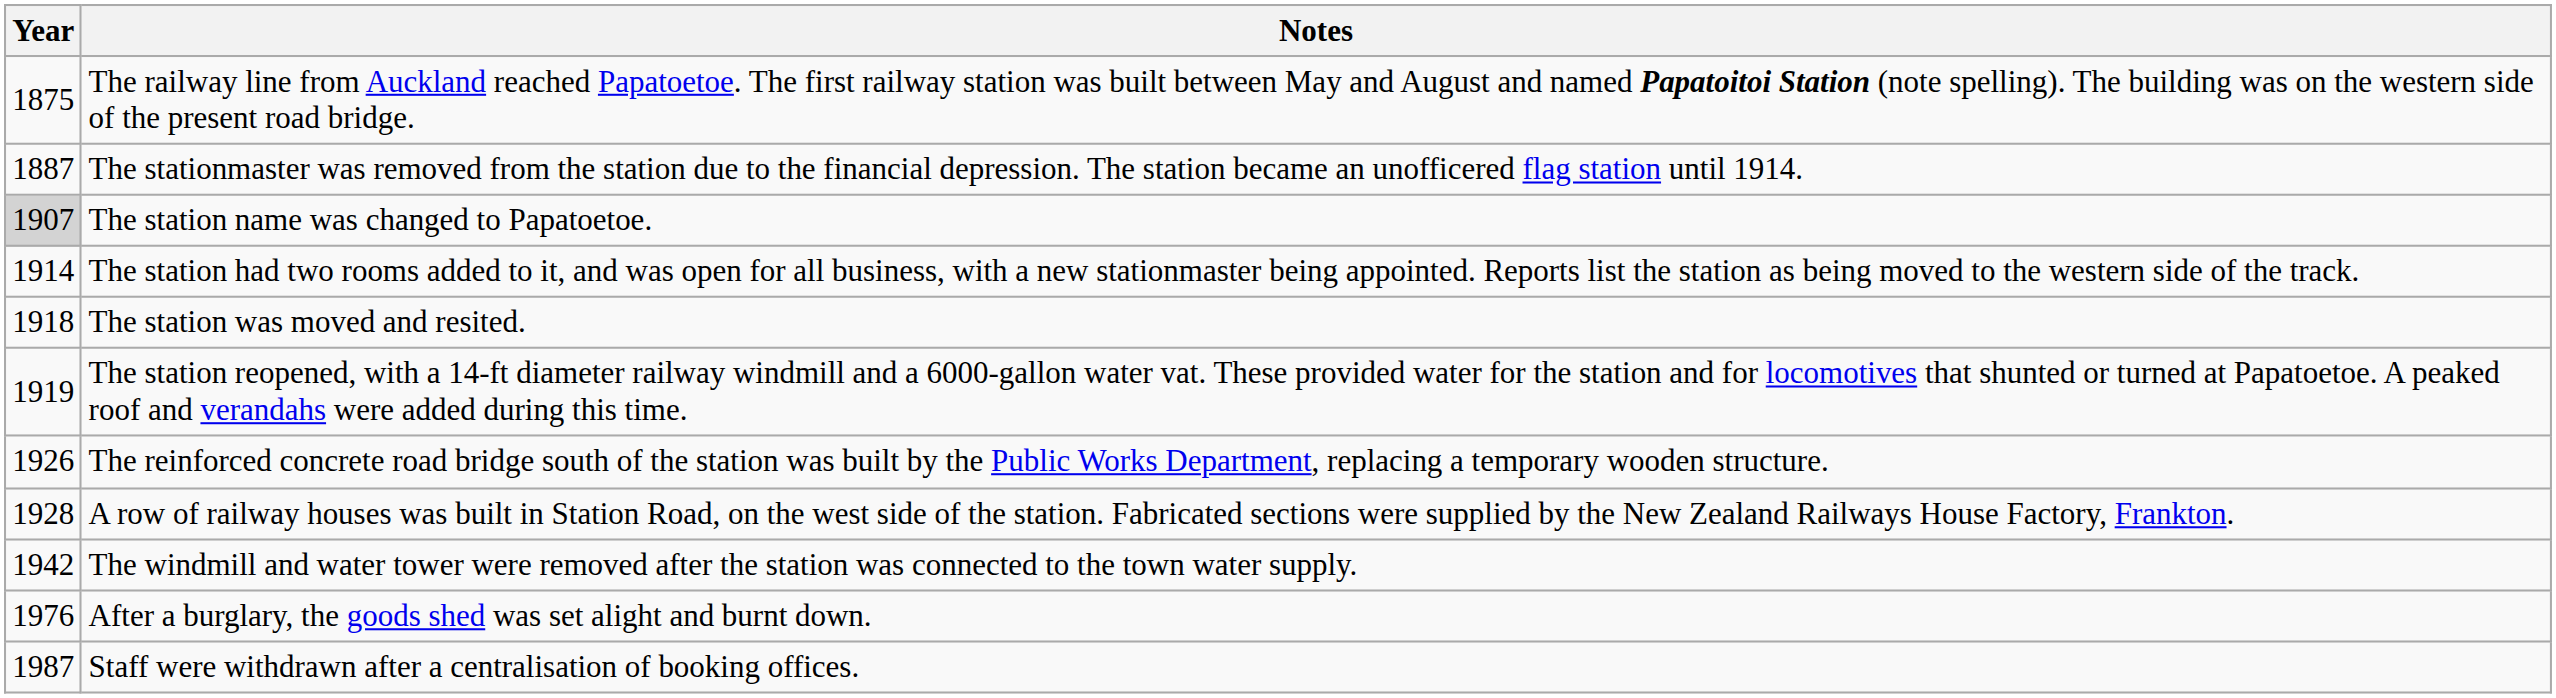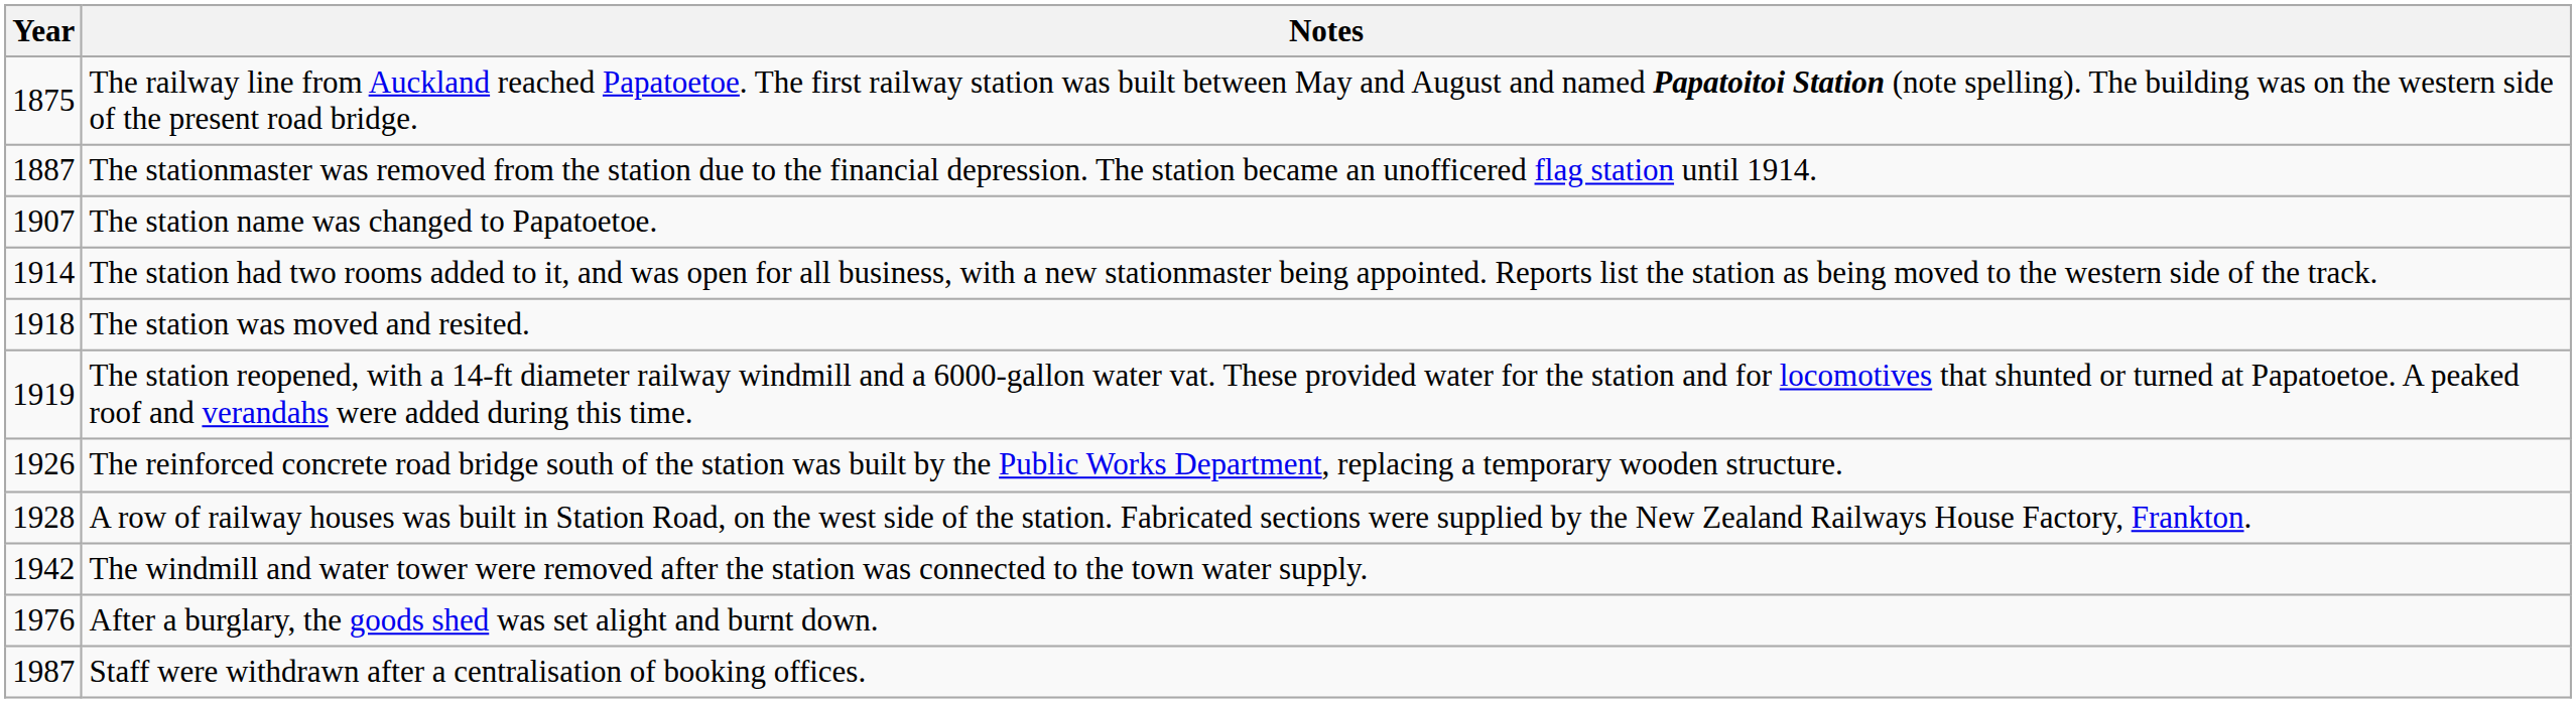 <table class="wikitable" style="font-size: 95%;">
 <tr>
 <th>Year</th>
 <th>Notes</th>
 </tr>
 <tr>
 <td>1875</td>
 <td>The railway line from <a href='#'>Auckland</a> reached <a href='#'>Papatoetoe</a>. The first railway station was built between May and August and named <strong><em>Papatoitoi Station</em></strong> (note spelling). The building was on the western side of the present road bridge.</td>
 </tr>
 <tr>
 <td>1887</td>
 <td>The stationmaster was removed from the station due to the financial depression. The station became an unofficered <a href='#'>flag station</a> until 1914.</td>
 </tr>
 <tr>
-<td style="background: lightgrey;">1907</td>
+<td>1907</td>
 <td>The station name was changed to Papatoetoe.</td>
 </tr>
 <tr>
 <td>1914</td>
 <td>The station had two rooms added to it, and was open for all business, with a new stationmaster being appointed. Reports list the station as being moved to the western side of the track.</td>
 </tr>
 <tr>
 <td>1918</td>
 <td>The station was moved and resited.</td>
 </tr>
 <tr>
 <td>1919</td>
 <td>The station reopened, with a 14-ft diameter railway windmill and a 6000-gallon water vat. These provided water for the station and for <a href='#'>locomotives</a> that shunted or turned at Papatoetoe. A peaked roof and <a href='#'>verandahs</a> were added during this time.</td>
 </tr>
 <tr>
 <td>1926</td>
 <td>The reinforced concrete road bridge south of the station was built by the <a href='#'>Public Works Department</a>, replacing a temporary wooden structure.</td>
 </tr>
 <tr>
 <td>1928</td>
 <td>A row of railway houses was built in Station Road, on the west side of the station. Fabricated sections were supplied by the New Zealand Railways House Factory, <a href='#'>Frankton</a>.</td>
 </tr>
 <tr>
 <td>1942</td>
 <td>The windmill and water tower were removed after the station was connected to the town water supply.</td>
 </tr>
 <tr>
 <td>1976</td>
 <td>After a burglary, the <a href='#'>goods shed</a> was set alight and burnt down.</td>
 </tr>
 <tr>
 <td>1987</td>
 <td>Staff were withdrawn after a centralisation of booking offices.</td>
 </tr>
 </table>
